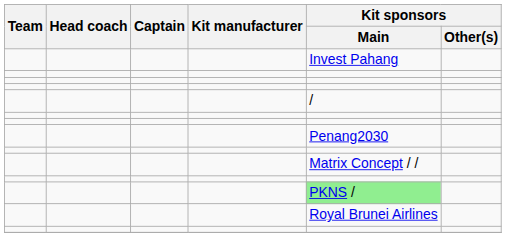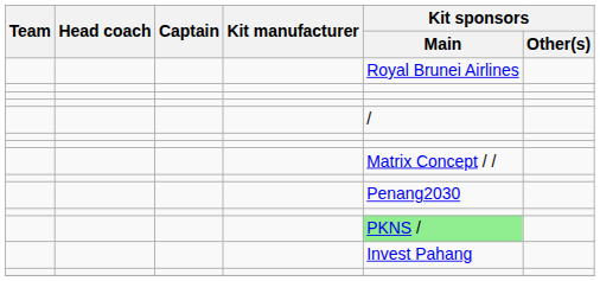 <table class="wikitable sortable" style="text-align: left;">
 <tr>
 <th rowspan="2">Team</th>
 <th rowspan="2">Head coach</th>
 <th rowspan="2">Captain</th>
 <th rowspan="2">Kit manufacturer</th>
 <th colspan="2">Kit sponsors</th>
 </tr>
 <tr>
 <th>Main</th>
 <th>Other(s)</th>
 </tr>
 <tr>
 <td></td>
 <td></td>
 <td></td>
 <td></td>
-<td><a href='#'>Invest Pahang</a></td>
+<td><a href='#'>Royal Brunei Airlines</a></td>
 <td></td>
 </tr>
 <tr>
 <td></td>
 <td></td>
 <td></td>
 <td></td>
 <td></td>
 <td></td>
 </tr>
 <tr>
 <td></td>
 <td></td>
 <td></td>
 <td></td>
 <td></td>
 <td></td>
 </tr>
 <tr>
 <td></td>
 <td></td>
 <td></td>
 <td></td>
 <td></td>
 <td></td>
 </tr>
 <tr>
 <td></td>
 <td></td>
 <td></td>
 <td></td>
 <td> / </td>
 <td></td>
 </tr>
 <tr>
 <td></td>
 <td></td>
 <td></td>
 <td></td>
 <td></td>
 <td></td>
 </tr>
 <tr>
 <td></td>
 <td></td>
 <td></td>
 <td></td>
 <td></td>
 <td></td>
 </tr>
 <tr>
 <td></td>
 <td></td>
 <td></td>
 <td></td>
-<td><a href='#'>Penang2030</a></td>
+<td><a href='#'>Matrix Concept</a> /  / </td>
 <td></td>
 </tr>
 <tr>
 <td></td>
 <td></td>
 <td></td>
 <td></td>
 <td></td>
 <td></td>
 </tr>
 <tr>
 <td></td>
 <td></td>
 <td></td>
 <td></td>
-<td><a href='#'>Matrix Concept</a> /  / </td>
+<td><a href='#'>Penang2030</a></td>
 <td></td>
 </tr>
 <tr>
 <td></td>
 <td></td>
 <td></td>
 <td></td>
 <td></td>
 <td></td>
 </tr>
 <tr>
 <td></td>
 <td></td>
 <td></td>
 <td></td>
 <td style="background: lightgreen;"><a href='#'>PKNS</a> / </td>
 <td></td>
 </tr>
 <tr>
 <td></td>
 <td></td>
 <td></td>
 <td></td>
-<td><a href='#'>Royal Brunei Airlines</a></td>
+<td><a href='#'>Invest Pahang</a></td>
 <td></td>
 </tr>
 <tr>
 <td></td>
 <td></td>
 <td></td>
 <td></td>
 <td></td>
 <td></td>
 </tr>
 <tr>
 </tr>
 </table>
